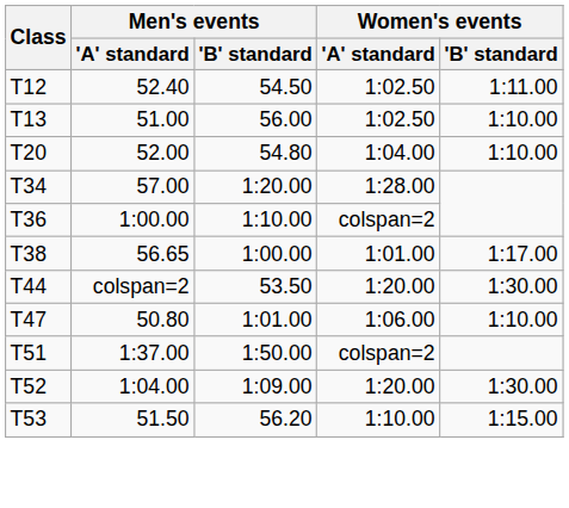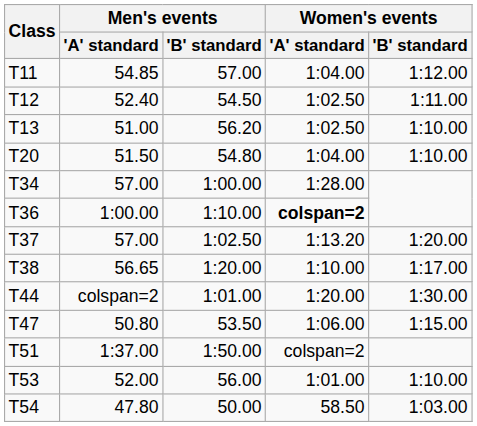 <table class="wikitable" style="text-align:right">
 <tr>
 <th rowspan="2">Class</th>
 <th colspan="2">Men's events</th>
 <th colspan="2">Women's events</th>
 </tr>
 <tr style="font-size:95%">
 <th>'A' standard</th>
 <th>'B' standard</th>
 <th>'A' standard</th>
 <th>'B' standard</th>
 </tr>
 <tr>
+<td style="text-align:left">T11</td>
+<td>54.85</td>
+<td>57.00</td>
+<td>1:04.00</td>
+<td>1:12.00</td>
+</tr>
+<tr>
 <td style="text-align:left">T12</td>
 <td>52.40</td>
 <td>54.50</td>
 <td>1:02.50</td>
 <td>1:11.00</td>
 </tr>
 <tr>
 <td style="text-align:left">T13</td>
 <td>51.00</td>
-<td>56.00</td>
+<td>56.20</td>
 <td>1:02.50</td>
 <td>1:10.00</td>
 </tr>
 <tr>
 <td style="text-align:left">T20</td>
-<td>52.00</td>
+<td>51.50</td>
 <td>54.80</td>
 <td>1:04.00</td>
 <td>1:10.00</td>
 </tr>
 <tr>
 <td style="text-align:left">T34</td>
 <td>57.00</td>
-<td>1:20.00</td>
+<td>1:00.00</td>
 <td>1:28.00</td>
 </tr>
 <tr>
 <td style="text-align:left">T36</td>
 <td>1:00.00</td>
 <td>1:10.00</td>
-<td>colspan=2 </td>
+<td><strong>colspan=2 </strong></td>
+</tr>
+<tr>
+<td style="text-align:left">T37</td>
+<td>57.00</td>
+<td>1:02.50</td>
+<td>1:13.20</td>
+<td>1:20.00</td>
 </tr>
 <tr>
 <td style="text-align:left">T38</td>
 <td>56.65</td>
-<td>1:00.00</td>
-<td>1:01.00</td>
+<td>1:20.00</td>
+<td>1:10.00</td>
 <td>1:17.00</td>
 </tr>
 <tr>
 <td style="text-align:left">T44</td>
 <td>colspan=2 </td>
-<td>53.50</td>
+<td>1:01.00</td>
 <td>1:20.00</td>
 <td>1:30.00</td>
 </tr>
 <tr>
 <td style="text-align:left">T47</td>
 <td>50.80</td>
-<td>1:01.00</td>
+<td>53.50</td>
 <td>1:06.00</td>
-<td>1:10.00</td>
+<td>1:15.00</td>
 </tr>
 <tr>
 <td style="text-align:left">T51</td>
 <td>1:37.00</td>
 <td>1:50.00</td>
 <td>colspan=2 </td>
 </tr>
 <tr>
-<td style="text-align:left">T52</td>
-<td>1:04.00</td>
-<td>1:09.00</td>
-<td>1:20.00</td>
-<td>1:30.00</td>
+<td style="text-align:left">T53</td>
+<td>52.00</td>
+<td>56.00</td>
+<td>1:01.00</td>
+<td>1:10.00</td>
 </tr>
 <tr>
-<td style="text-align:left">T53</td>
-<td>51.50</td>
-<td>56.20</td>
-<td>1:10.00</td>
-<td>1:15.00</td>
+<td style="text-align:left">T54</td>
+<td>47.80</td>
+<td>50.00</td>
+<td>58.50</td>
+<td>1:03.00</td>
 </tr>
 </table>
